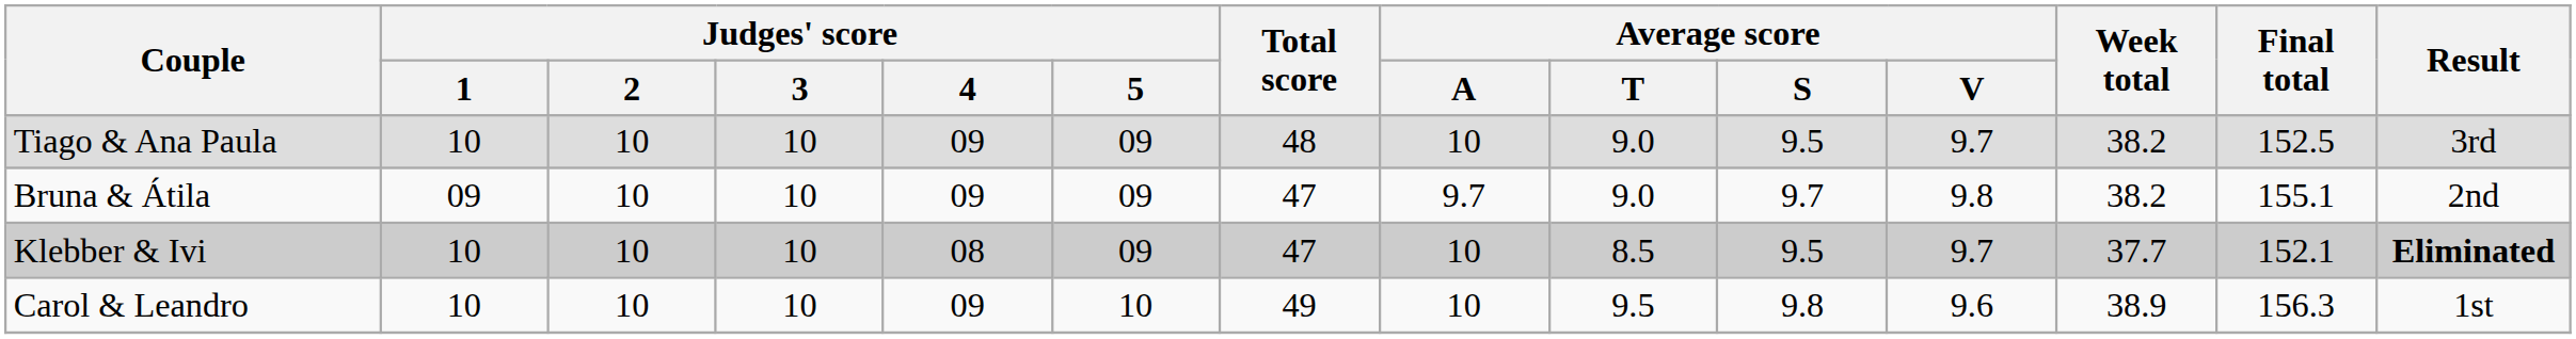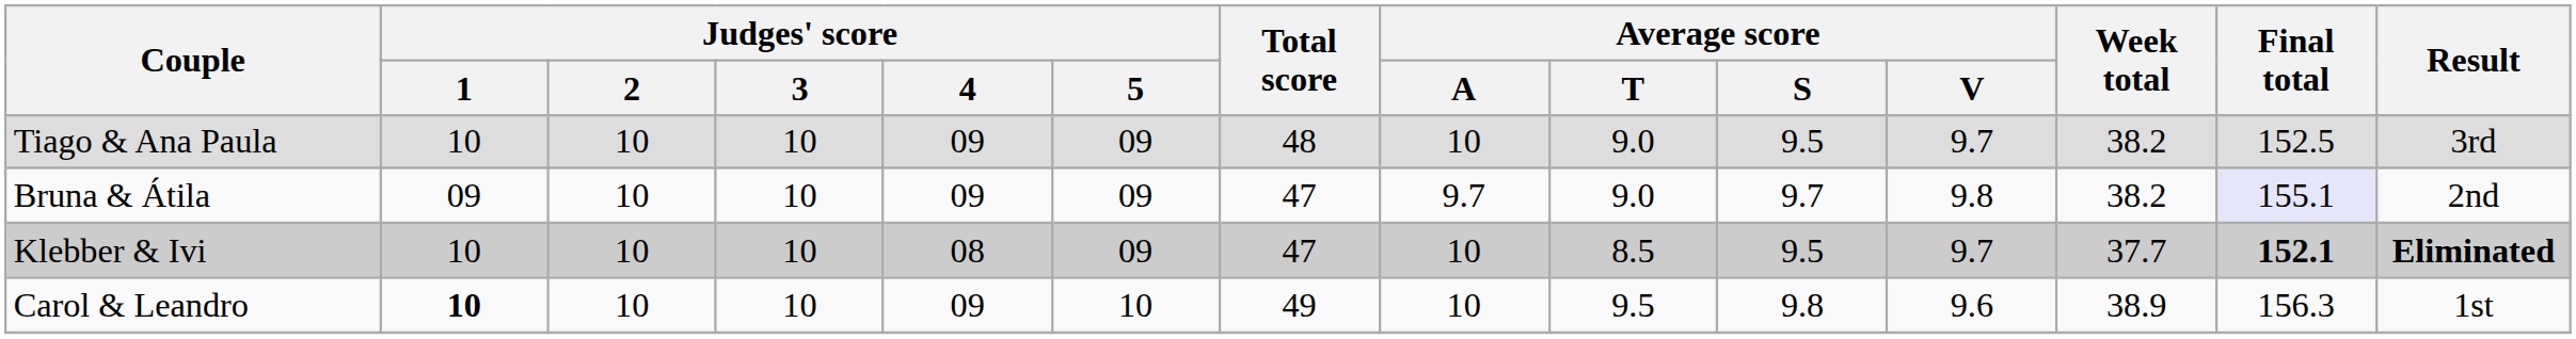 <table class="wikitable" style="font-size:90%; line-height:16px; text-align:center" width="85%">
 <tr>
 <th rowspan=2 width=150>Couple</th>
 <th colspan=5 width=185>Judges' score</th>
 <th rowspan=2 width=060>Total score</th>
 <th colspan=4 width=148>Average score</th>
 <th rowspan=2 width=060>Week total</th>
 <th rowspan=2 width=060>Final total</th>
 <th rowspan=2 width=075>Result</th>
 </tr>
 <tr>
 <th>1</th>
 <th>2</th>
 <th>3</th>
 <th>4</th>
 <th>5</th>
 <th>A</th>
 <th>T</th>
 <th>S</th>
 <th>V</th>
 </tr>
 <tr bgcolor="DDDDDD">
 <td align="left">Tiago & Ana Paula</td>
 <td>10</td>
 <td>10</td>
 <td>10</td>
 <td>09</td>
 <td>09</td>
 <td>48</td>
 <td>10</td>
 <td>9.0</td>
 <td>9.5</td>
 <td>9.7</td>
 <td>38.2</td>
 <td>152.5</td>
 <td>3rd</td>
 </tr>
 <tr>
 <td align="left">Bruna & Átila</td>
 <td>09</td>
 <td>10</td>
 <td>10</td>
 <td>09</td>
 <td>09</td>
 <td>47</td>
 <td>9.7</td>
 <td>9.0</td>
 <td>9.7</td>
 <td>9.8</td>
 <td>38.2</td>
-<td>155.1</td>
+<td style="background: lavender;">155.1</td>
 <td>2nd</td>
 </tr>
 <tr bgcolor="CCCCCC">
 <td align="left">Klebber & Ivi</td>
 <td>10</td>
 <td>10</td>
 <td>10</td>
 <td>08</td>
 <td>09</td>
 <td>47</td>
 <td>10</td>
 <td>8.5</td>
 <td>9.5</td>
 <td>9.7</td>
 <td>37.7</td>
-<td>152.1</td>
+<td><strong>152.1</strong></td>
 <td><strong>Eliminated</strong></td>
 </tr>
 <tr>
 <td align="left">Carol & Leandro</td>
-<td>10</td>
+<td><strong>10</strong></td>
 <td>10</td>
 <td>10</td>
 <td>09</td>
 <td>10</td>
 <td>49</td>
 <td>10</td>
 <td>9.5</td>
 <td>9.8</td>
 <td>9.6</td>
 <td>38.9</td>
 <td>156.3</td>
 <td>1st</td>
 </tr>
 <tr>
 </tr>
 </table>
